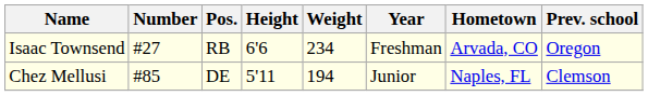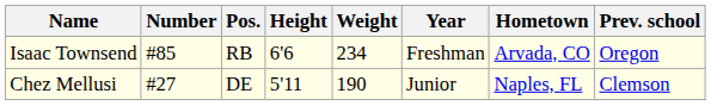 <table class="wikitable sortable">
 <tr>
 <th>Name</th>
 <th>Number</th>
 <th>Pos.</th>
 <th>Height</th>
 <th>Weight</th>
 <th>Year</th>
 <th>Hometown</th>
 <th class="unsortable">Prev. school</th>
 </tr>
 <tr style="background:#FFFFE6;">
 <td>Isaac Townsend</td>
-<td>#27</td>
+<td>#85</td>
 <td>RB</td>
 <td>6'6</td>
 <td>234</td>
 <td>Freshman </td>
 <td><a href='#'>Arvada, CO</a></td>
 <td><a href='#'>Oregon</a></td>
 </tr>
 <tr style="background:#FFFFE6;">
 <td>Chez Mellusi</td>
-<td>#85</td>
+<td>#27</td>
 <td>DE</td>
 <td>5'11</td>
-<td>194</td>
+<td>190</td>
 <td>Junior</td>
 <td><a href='#'>Naples, FL</a></td>
 <td><a href='#'>Clemson</a></td>
 </tr>
 <tr>
 </tr>
 </table>
